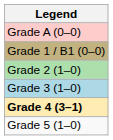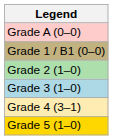 <table class="wikitable" style="font-size:85%;">
 <tr>
 <th>Legend</th>
 </tr>
 <tr bgcolor="ffcccc">
 <td>Grade A (0–0)</td>
 </tr>
 <tr bgcolor="C2B280">
 <td>Grade 1 / B1 (0–0)</td>
 </tr>
 <tr bgcolor="ADDFAD">
 <td>Grade 2 (1–0)</td>
 </tr>
 <tr bgcolor="lightblue">
 <td>Grade 3 (1–0)</td>
 </tr>
 <tr bgcolor="ffecb2">
-<td><strong>Grade 4 (3–1)</strong></td>
+<td>Grade 4 (3–1)</td>
 </tr>
 <tr>
-<td>Grade 5 (1–0)</td>
+<td style="background: gold;">Grade 5 (1–0)</td>
 </tr>
 </table>
